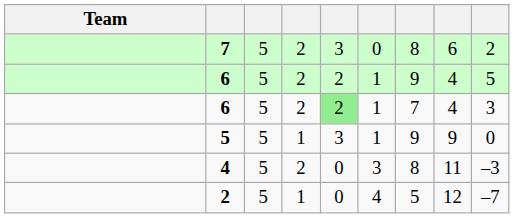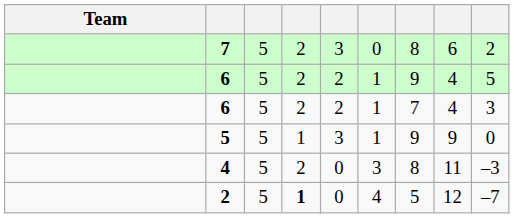 <table class="wikitable" style="text-align: center;">
 <tr>
 <th width=165>Team</th>
 <th width=25></th>
 <th width=25></th>
 <th width=25></th>
 <th width=25></th>
 <th width=25></th>
 <th width=25></th>
 <th width=25></th>
 <th width=25></th>
 </tr>
 <tr style="background:#ccffcc;">
 <td style="text-align:left;"></td>
 <td><strong>7</strong></td>
 <td>5</td>
 <td>2</td>
 <td>3</td>
 <td>0</td>
 <td>8</td>
 <td>6</td>
 <td>2</td>
 </tr>
 <tr style="background:#ccffcc;">
 <td style="text-align:left;"></td>
 <td><strong>6</strong></td>
 <td>5</td>
 <td>2</td>
 <td>2</td>
 <td>1</td>
 <td>9</td>
 <td>4</td>
 <td>5</td>
 </tr>
 <tr>
 <td style="text-align:left;"><strong></strong></td>
 <td><strong>6</strong></td>
 <td>5</td>
 <td>2</td>
-<td style="background: lightgreen;">2</td>
+<td>2</td>
 <td>1</td>
 <td>7</td>
 <td>4</td>
 <td>3</td>
 </tr>
 <tr>
 <td style="text-align:left;"></td>
 <td><strong>5</strong></td>
 <td>5</td>
 <td>1</td>
 <td>3</td>
 <td>1</td>
 <td>9</td>
 <td>9</td>
 <td>0</td>
 </tr>
 <tr>
 <td style="text-align:left;"></td>
 <td><strong>4</strong></td>
 <td>5</td>
 <td>2</td>
 <td>0</td>
 <td>3</td>
 <td>8</td>
 <td>11</td>
 <td>–3</td>
 </tr>
 <tr>
 <td style="text-align:left;"></td>
 <td><strong>2</strong></td>
 <td>5</td>
-<td>1</td>
+<td><strong>1</strong></td>
 <td>0</td>
 <td>4</td>
 <td>5</td>
 <td>12</td>
 <td>–7</td>
 </tr>
 </table>
